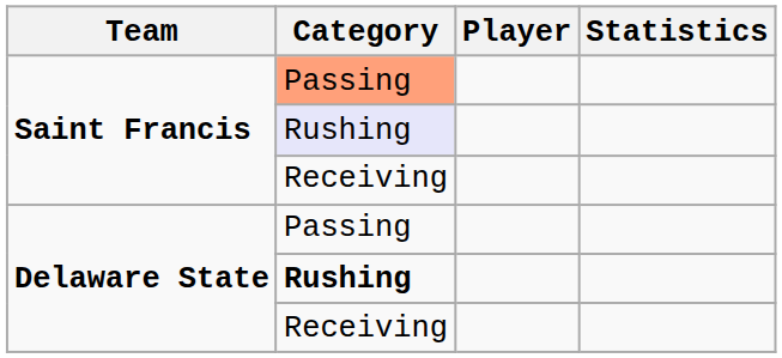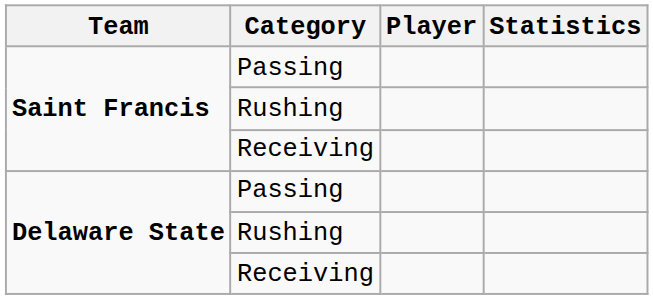 <table class="wikitable" style="float: right;">
 <tr>
 <th>Team</th>
 <th>Category</th>
 <th>Player</th>
 <th>Statistics</th>
 </tr>
 <tr>
 <td rowspan=3><strong>Saint Francis</strong></td>
-<td style="background: lightsalmon;">Passing</td>
+<td>Passing</td>
 <td></td>
 <td></td>
 </tr>
 <tr>
-<td style="background: lavender;">Rushing</td>
+<td>Rushing</td>
 <td></td>
 <td></td>
 </tr>
 <tr>
 <td>Receiving</td>
 <td></td>
 <td></td>
 </tr>
 <tr>
 <td rowspan=3><strong>Delaware State</strong></td>
 <td>Passing</td>
 <td></td>
 <td></td>
 </tr>
 <tr>
-<td><strong>Rushing</strong></td>
+<td>Rushing</td>
 <td></td>
 <td></td>
 </tr>
 <tr>
 <td>Receiving</td>
 <td></td>
 <td></td>
 </tr>
 </table>
